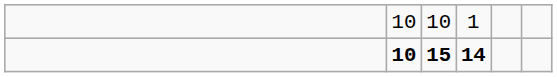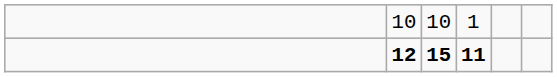 <table class="wikitable">
 <tr>
 <td style="width:18em"></td>
 <td align=center style="width:1em">10</td>
 <td align=center style="width:1em">10</td>
 <td align=center style="width:1em">1</td>
 <td align=center style="width:1em"></td>
 <td align=center style="width:1em"></td>
 </tr>
 <tr>
 <td style="width:18em"><strong></strong></td>
-<td align=center style="width:1em"><strong>10</strong></td>
+<td align=center style="width:1em"><strong>12</strong></td>
 <td align=center style="width:1em"><strong>15</strong></td>
-<td align=center style="width:1em"><strong>14</strong></td>
+<td align=center style="width:1em"><strong>11</strong></td>
 <td align=center style="width:1em"></td>
 <td align=center style="width:1em"></td>
 </tr>
 </table>
